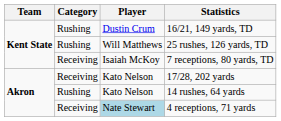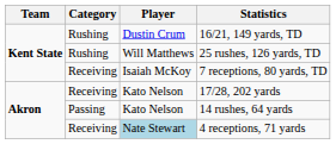 <table class="wikitable" style="float: left;">
 <tr>
 <th>Team</th>
 <th>Category</th>
 <th>Player</th>
 <th>Statistics</th>
 </tr>
 <tr>
 <td rowspan=3><strong>Kent State</strong></td>
 <td>Rushing</td>
 <td><a href='#'>Dustin Crum</a></td>
 <td>16/21, 149 yards, TD</td>
 </tr>
 <tr>
 <td>Rushing</td>
 <td>Will Matthews</td>
 <td>25 rushes, 126 yards, TD</td>
 </tr>
 <tr>
 <td>Receiving</td>
 <td>Isaiah McKoy</td>
 <td>7 receptions, 80 yards, TD</td>
 </tr>
 <tr>
 <td rowspan=3><strong>Akron</strong></td>
 <td>Receiving</td>
 <td>Kato Nelson</td>
 <td>17/28, 202 yards</td>
 </tr>
 <tr>
-<td>Rushing</td>
+<td>Passing</td>
 <td>Kato Nelson</td>
 <td>14 rushes, 64 yards</td>
 </tr>
 <tr>
 <td>Receiving</td>
 <td style="background: lightblue;">Nate Stewart</td>
 <td>4 receptions, 71 yards</td>
 </tr>
 </table>
